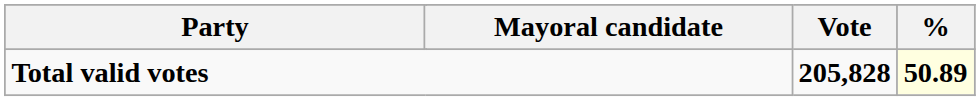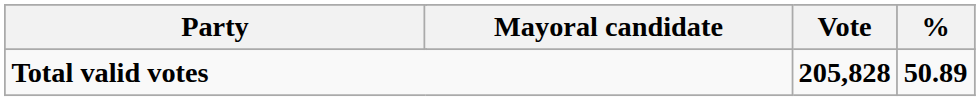 <table class="wikitable">
 <tr>
 <th bgcolor="#DDDDFF" width="230px" colspan="2">Party</th>
 <th bgcolor="#DDDDFF" width="200px">Mayoral candidate</th>
 <th bgcolor="#DDDDFF" width="50px">Vote</th>
 <th bgcolor="#DDDDFF" width="30px">%<br>      </th>
 </tr>
 <tr>
 <td colspan="3"><strong>Total valid votes</strong></td>
 <td><strong>205,828</strong></td>
-<td style="background: lightyellow;"><strong>50.89</strong></td>
+<td><strong>50.89</strong></td>
 </tr>
 </table>
